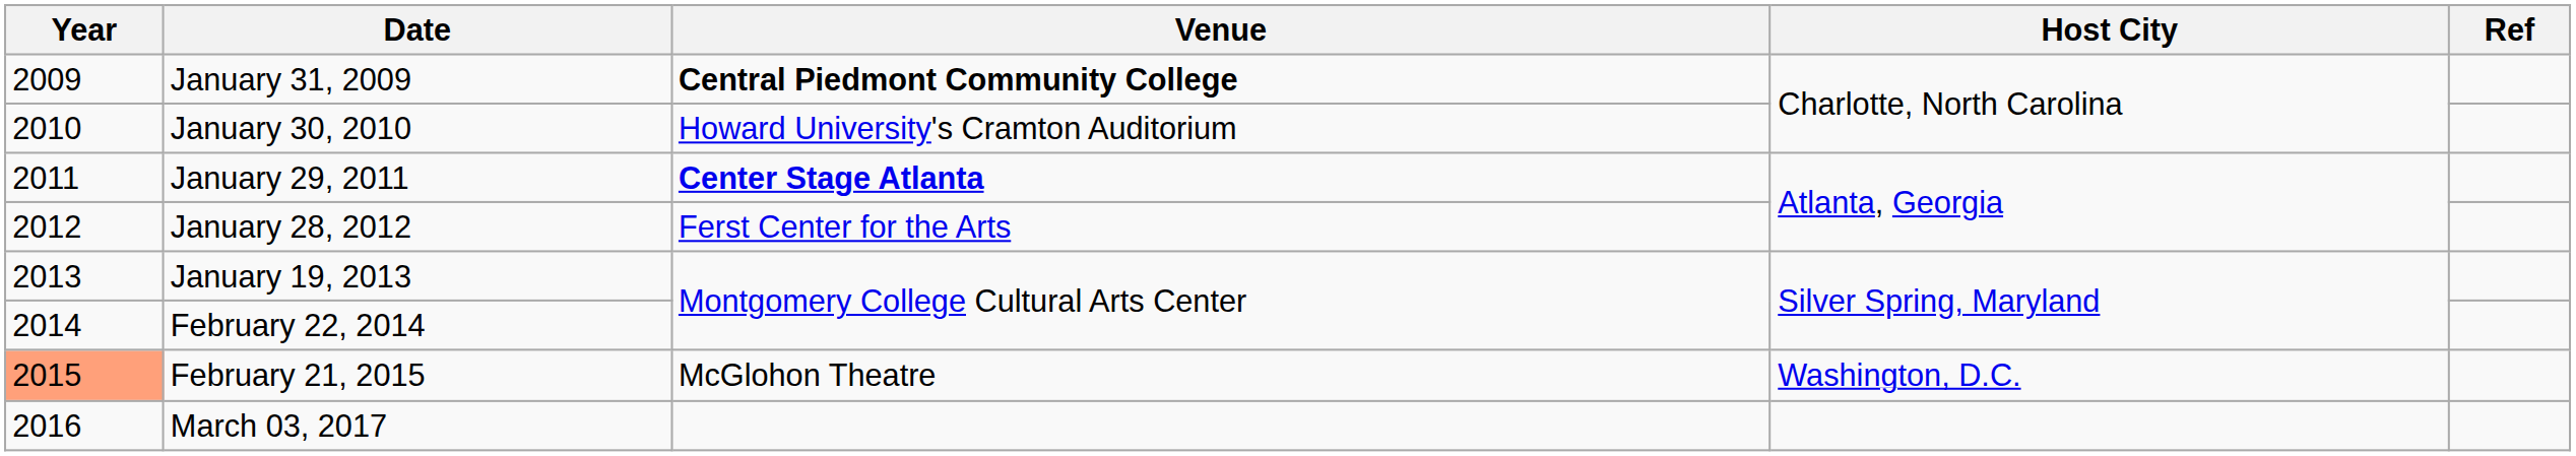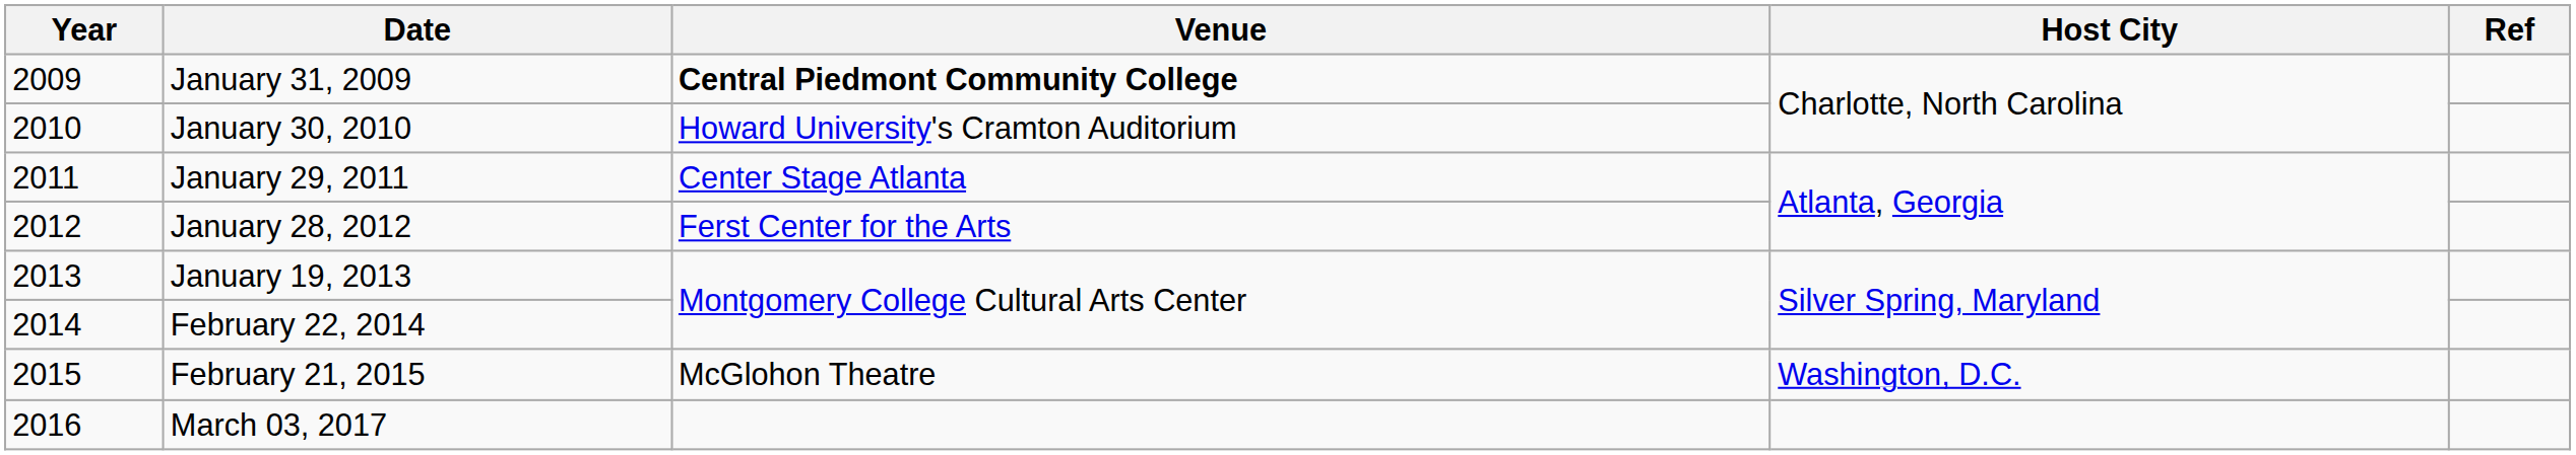 <table class="wikitable"  style="font-size:95%; width:99%;">
 <tr>
 <th>Year</th>
 <th>Date</th>
 <th>Venue</th>
 <th>Host City</th>
 <th>Ref</th>
 </tr>
 <tr>
 <td>2009</td>
 <td>January 31, 2009</td>
 <td><strong>Central Piedmont Community College</strong></td>
 <td rowspan="2">Charlotte, North Carolina</td>
 <td></td>
 </tr>
 <tr>
 <td>2010</td>
 <td>January 30, 2010</td>
 <td><a href='#'>Howard University</a>'s Cramton Auditorium</td>
 <td></td>
 </tr>
 <tr>
 <td>2011</td>
 <td>January 29, 2011</td>
-<td><strong><a href='#'>Center Stage Atlanta</a></strong></td>
+<td><a href='#'>Center Stage Atlanta</a></td>
 <td rowspan="2"><a href='#'>Atlanta</a>, <a href='#'>Georgia</a></td>
 <td></td>
 </tr>
 <tr>
 <td>2012</td>
 <td>January 28, 2012</td>
 <td><a href='#'>Ferst Center for the Arts</a></td>
 <td></td>
 </tr>
 <tr>
 <td>2013</td>
 <td>January 19, 2013</td>
 <td rowspan="2"><a href='#'>Montgomery College</a> Cultural Arts Center</td>
 <td rowspan="2"><a href='#'>Silver Spring, Maryland</a></td>
 <td></td>
 </tr>
 <tr>
 <td>2014</td>
 <td>February 22, 2014</td>
 <td></td>
 </tr>
 <tr>
-<td style="background: lightsalmon;">2015</td>
+<td>2015</td>
 <td>February 21, 2015</td>
 <td>McGlohon Theatre</td>
 <td><a href='#'>Washington, D.C.</a></td>
 <td></td>
 </tr>
 <tr>
 <td>2016</td>
 <td>March 03, 2017</td>
 <td></td>
 <td></td>
 <td></td>
 </tr>
 </table>
